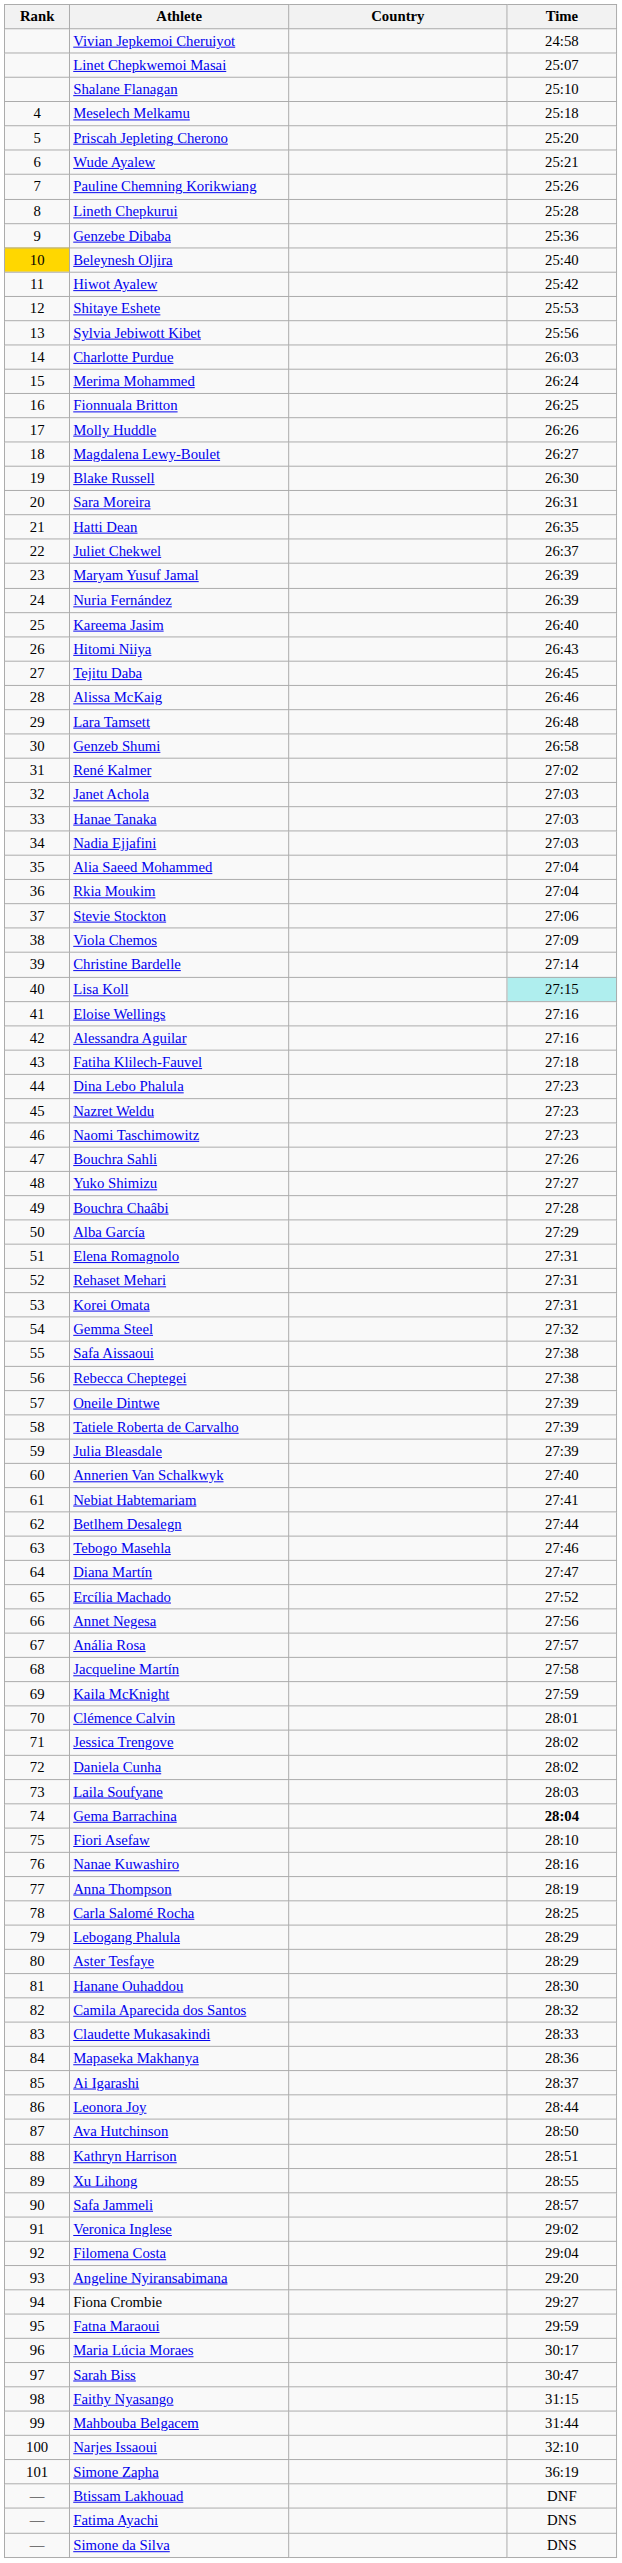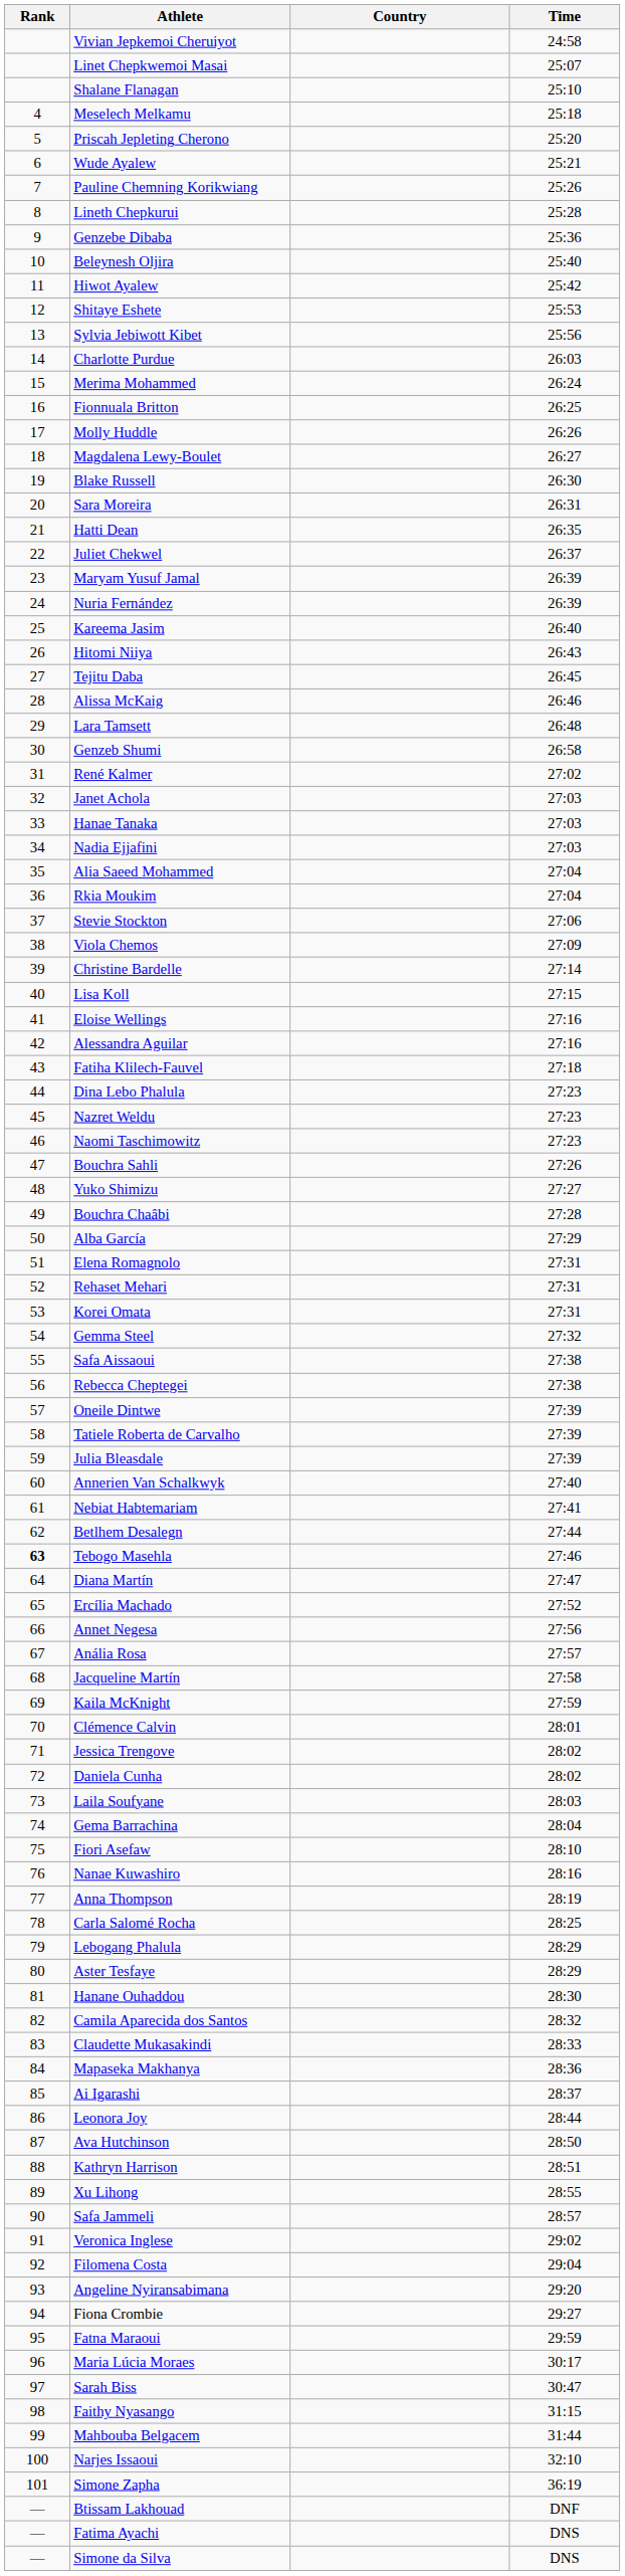 <table class="wikitable sortable" style=" text-align:center; font-size:95%;" width="50%">
 <tr>
 <th width=5%>Rank</th>
 <th width=20%>Athlete</th>
 <th width=20%>Country</th>
 <th width=10%>Time</th>
 </tr>
 <tr>
 <td align=center></td>
 <td align=left><a href='#'>Vivian Jepkemoi Cheruiyot</a></td>
 <td align=left></td>
 <td>24:58</td>
 </tr>
 <tr>
 <td align=center></td>
 <td align=left><a href='#'>Linet Chepkwemoi Masai</a></td>
 <td align=left></td>
 <td>25:07</td>
 </tr>
 <tr>
 <td align=center></td>
 <td align=left><a href='#'>Shalane Flanagan</a></td>
 <td align=left></td>
 <td>25:10</td>
 </tr>
 <tr>
 <td align=center>4</td>
 <td align=left><a href='#'>Meselech Melkamu</a></td>
 <td align=left></td>
 <td>25:18</td>
 </tr>
 <tr>
 <td align=center>5</td>
 <td align=left><a href='#'>Priscah Jepleting Cherono</a></td>
 <td align=left></td>
 <td>25:20</td>
 </tr>
 <tr>
 <td align=center>6</td>
 <td align=left><a href='#'>Wude Ayalew</a></td>
 <td align=left></td>
 <td>25:21</td>
 </tr>
 <tr>
 <td align=center>7</td>
 <td align=left><a href='#'>Pauline Chemning Korikwiang</a></td>
 <td align=left></td>
 <td>25:26</td>
 </tr>
 <tr>
 <td align=center>8</td>
 <td align=left><a href='#'>Lineth Chepkurui</a></td>
 <td align=left></td>
 <td>25:28</td>
 </tr>
 <tr>
 <td align=center>9</td>
 <td align=left><a href='#'>Genzebe Dibaba</a></td>
 <td align=left></td>
 <td>25:36</td>
 </tr>
 <tr>
-<td align=center style="background: gold;">10</td>
+<td align=center>10</td>
 <td align=left><a href='#'>Beleynesh Oljira</a></td>
 <td align=left></td>
 <td>25:40</td>
 </tr>
 <tr>
 <td align=center>11</td>
 <td align=left><a href='#'>Hiwot Ayalew</a></td>
 <td align=left></td>
 <td>25:42</td>
 </tr>
 <tr>
 <td align=center>12</td>
 <td align=left><a href='#'>Shitaye Eshete</a></td>
 <td align=left></td>
 <td>25:53</td>
 </tr>
 <tr>
 <td align=center>13</td>
 <td align=left><a href='#'>Sylvia Jebiwott Kibet</a></td>
 <td align=left></td>
 <td>25:56</td>
 </tr>
 <tr>
 <td align=center>14</td>
 <td align=left><a href='#'>Charlotte Purdue</a></td>
 <td align=left></td>
 <td>26:03</td>
 </tr>
 <tr>
 <td align=center>15</td>
 <td align=left><a href='#'>Merima Mohammed</a></td>
 <td align=left></td>
 <td>26:24</td>
 </tr>
 <tr>
 <td align=center>16</td>
 <td align=left><a href='#'>Fionnuala Britton</a></td>
 <td align=left></td>
 <td>26:25</td>
 </tr>
 <tr>
 <td align=center>17</td>
 <td align=left><a href='#'>Molly Huddle</a></td>
 <td align=left></td>
 <td>26:26</td>
 </tr>
 <tr>
 <td align=center>18</td>
 <td align=left><a href='#'>Magdalena Lewy-Boulet</a></td>
 <td align=left></td>
 <td>26:27</td>
 </tr>
 <tr>
 <td align=center>19</td>
 <td align=left><a href='#'>Blake Russell</a></td>
 <td align=left></td>
 <td>26:30</td>
 </tr>
 <tr>
 <td align=center>20</td>
 <td align=left><a href='#'>Sara Moreira</a></td>
 <td align=left></td>
 <td>26:31</td>
 </tr>
 <tr>
 <td align=center>21</td>
 <td align=left><a href='#'>Hatti Dean</a></td>
 <td align=left></td>
 <td>26:35</td>
 </tr>
 <tr>
 <td align=center>22</td>
 <td align=left><a href='#'>Juliet Chekwel</a></td>
 <td align=left></td>
 <td>26:37</td>
 </tr>
 <tr>
 <td align=center>23</td>
 <td align=left><a href='#'>Maryam Yusuf Jamal</a></td>
 <td align=left></td>
 <td>26:39</td>
 </tr>
 <tr>
 <td align=center>24</td>
 <td align=left><a href='#'>Nuria Fernández</a></td>
 <td align=left></td>
 <td>26:39</td>
 </tr>
 <tr>
 <td align=center>25</td>
 <td align=left><a href='#'>Kareema Jasim</a></td>
 <td align=left></td>
 <td>26:40</td>
 </tr>
 <tr>
 <td align=center>26</td>
 <td align=left><a href='#'>Hitomi Niiya</a></td>
 <td align=left></td>
 <td>26:43</td>
 </tr>
 <tr>
 <td align=center>27</td>
 <td align=left><a href='#'>Tejitu Daba</a></td>
 <td align=left></td>
 <td>26:45</td>
 </tr>
 <tr>
 <td align=center>28</td>
 <td align=left><a href='#'>Alissa McKaig</a></td>
 <td align=left></td>
 <td>26:46</td>
 </tr>
 <tr>
 <td align=center>29</td>
 <td align=left><a href='#'>Lara Tamsett</a></td>
 <td align=left></td>
 <td>26:48</td>
 </tr>
 <tr>
 <td align=center>30</td>
 <td align=left><a href='#'>Genzeb Shumi</a></td>
 <td align=left></td>
 <td>26:58</td>
 </tr>
 <tr>
 <td align=center>31</td>
 <td align=left><a href='#'>René Kalmer</a></td>
 <td align=left></td>
 <td>27:02</td>
 </tr>
 <tr>
 <td align=center>32</td>
 <td align=left><a href='#'>Janet Achola</a></td>
 <td align=left></td>
 <td>27:03</td>
 </tr>
 <tr>
 <td align=center>33</td>
 <td align=left><a href='#'>Hanae Tanaka</a></td>
 <td align=left></td>
 <td>27:03</td>
 </tr>
 <tr>
 <td align=center>34</td>
 <td align=left><a href='#'>Nadia Ejjafini</a></td>
 <td align=left></td>
 <td>27:03</td>
 </tr>
 <tr>
 <td align=center>35</td>
 <td align=left><a href='#'>Alia Saeed Mohammed</a></td>
 <td align=left></td>
 <td>27:04</td>
 </tr>
 <tr>
 <td align=center>36</td>
 <td align=left><a href='#'>Rkia Moukim</a></td>
 <td align=left></td>
 <td>27:04</td>
 </tr>
 <tr>
 <td align=center>37</td>
 <td align=left><a href='#'>Stevie Stockton</a></td>
 <td align=left></td>
 <td>27:06</td>
 </tr>
 <tr>
 <td align=center>38</td>
 <td align=left><a href='#'>Viola Chemos</a></td>
 <td align=left></td>
 <td>27:09</td>
 </tr>
 <tr>
 <td align=center>39</td>
 <td align=left><a href='#'>Christine Bardelle</a></td>
 <td align=left></td>
 <td>27:14</td>
 </tr>
 <tr>
 <td align=center>40</td>
 <td align=left><a href='#'>Lisa Koll</a></td>
 <td align=left></td>
-<td style="background: paleturquoise;">27:15</td>
+<td>27:15</td>
 </tr>
 <tr>
 <td align=center>41</td>
 <td align=left><a href='#'>Eloise Wellings</a></td>
 <td align=left></td>
 <td>27:16</td>
 </tr>
 <tr>
 <td align=center>42</td>
 <td align=left><a href='#'>Alessandra Aguilar</a></td>
 <td align=left></td>
 <td>27:16</td>
 </tr>
 <tr>
 <td align=center>43</td>
 <td align=left><a href='#'>Fatiha Klilech-Fauvel</a></td>
 <td align=left></td>
 <td>27:18</td>
 </tr>
 <tr>
 <td align=center>44</td>
 <td align=left><a href='#'>Dina Lebo Phalula</a></td>
 <td align=left></td>
 <td>27:23</td>
 </tr>
 <tr>
 <td align=center>45</td>
 <td align=left><a href='#'>Nazret Weldu</a></td>
 <td align=left></td>
 <td>27:23</td>
 </tr>
 <tr>
 <td align=center>46</td>
 <td align=left><a href='#'>Naomi Taschimowitz</a></td>
 <td align=left></td>
 <td>27:23</td>
 </tr>
 <tr>
 <td align=center>47</td>
 <td align=left><a href='#'>Bouchra Sahli</a></td>
 <td align=left></td>
 <td>27:26</td>
 </tr>
 <tr>
 <td align=center>48</td>
 <td align=left><a href='#'>Yuko Shimizu</a></td>
 <td align=left></td>
 <td>27:27</td>
 </tr>
 <tr>
 <td align=center>49</td>
 <td align=left><a href='#'>Bouchra Chaâbi</a></td>
 <td align=left></td>
 <td>27:28</td>
 </tr>
 <tr>
 <td align=center>50</td>
 <td align=left><a href='#'>Alba García</a></td>
 <td align=left></td>
 <td>27:29</td>
 </tr>
 <tr>
 <td align=center>51</td>
 <td align=left><a href='#'>Elena Romagnolo</a></td>
 <td align=left></td>
 <td>27:31</td>
 </tr>
 <tr>
 <td align=center>52</td>
 <td align=left><a href='#'>Rehaset Mehari</a></td>
 <td align=left></td>
 <td>27:31</td>
 </tr>
 <tr>
 <td align=center>53</td>
 <td align=left><a href='#'>Korei Omata</a></td>
 <td align=left></td>
 <td>27:31</td>
 </tr>
 <tr>
 <td align=center>54</td>
 <td align=left><a href='#'>Gemma Steel</a></td>
 <td align=left></td>
 <td>27:32</td>
 </tr>
 <tr>
 <td align=center>55</td>
 <td align=left><a href='#'>Safa Aissaoui</a></td>
 <td align=left></td>
 <td>27:38</td>
 </tr>
 <tr>
 <td align=center>56</td>
 <td align=left><a href='#'>Rebecca Cheptegei</a></td>
 <td align=left></td>
 <td>27:38</td>
 </tr>
 <tr>
 <td align=center>57</td>
 <td align=left><a href='#'>Oneile Dintwe</a></td>
 <td align=left></td>
 <td>27:39</td>
 </tr>
 <tr>
 <td align=center>58</td>
 <td align=left><a href='#'>Tatiele Roberta de Carvalho</a></td>
 <td align=left></td>
 <td>27:39</td>
 </tr>
 <tr>
 <td align=center>59</td>
 <td align=left><a href='#'>Julia Bleasdale</a></td>
 <td align=left></td>
 <td>27:39</td>
 </tr>
 <tr>
 <td align=center>60</td>
 <td align=left><a href='#'>Annerien Van Schalkwyk</a></td>
 <td align=left></td>
 <td>27:40</td>
 </tr>
 <tr>
 <td align=center>61</td>
 <td align=left><a href='#'>Nebiat Habtemariam</a></td>
 <td align=left></td>
 <td>27:41</td>
 </tr>
 <tr>
 <td align=center>62</td>
 <td align=left><a href='#'>Betlhem Desalegn</a></td>
 <td align=left></td>
 <td>27:44</td>
 </tr>
 <tr>
-<td align=center>63</td>
+<td align=center><strong>63</strong></td>
 <td align=left><a href='#'>Tebogo Masehla</a></td>
 <td align=left></td>
 <td>27:46</td>
 </tr>
 <tr>
 <td align=center>64</td>
 <td align=left><a href='#'>Diana Martín</a></td>
 <td align=left></td>
 <td>27:47</td>
 </tr>
 <tr>
 <td align=center>65</td>
 <td align=left><a href='#'>Ercília Machado</a></td>
 <td align=left></td>
 <td>27:52</td>
 </tr>
 <tr>
 <td align=center>66</td>
 <td align=left><a href='#'>Annet Negesa</a></td>
 <td align=left></td>
 <td>27:56</td>
 </tr>
 <tr>
 <td align=center>67</td>
 <td align=left><a href='#'>Anália Rosa</a></td>
 <td align=left></td>
 <td>27:57</td>
 </tr>
 <tr>
 <td align=center>68</td>
 <td align=left><a href='#'>Jacqueline Martín</a></td>
 <td align=left></td>
 <td>27:58</td>
 </tr>
 <tr>
 <td align=center>69</td>
 <td align=left><a href='#'>Kaila McKnight</a></td>
 <td align=left></td>
 <td>27:59</td>
 </tr>
 <tr>
 <td align=center>70</td>
 <td align=left><a href='#'>Clémence Calvin</a></td>
 <td align=left></td>
 <td>28:01</td>
 </tr>
 <tr>
 <td align=center>71</td>
 <td align=left><a href='#'>Jessica Trengove</a></td>
 <td align=left></td>
 <td>28:02</td>
 </tr>
 <tr>
 <td align=center>72</td>
 <td align=left><a href='#'>Daniela Cunha</a></td>
 <td align=left></td>
 <td>28:02</td>
 </tr>
 <tr>
 <td align=center>73</td>
 <td align=left><a href='#'>Laila Soufyane</a></td>
 <td align=left></td>
 <td>28:03</td>
 </tr>
 <tr>
 <td align=center>74</td>
 <td align=left><a href='#'>Gema Barrachina</a></td>
 <td align=left></td>
-<td><strong>28:04</strong></td>
+<td>28:04</td>
 </tr>
 <tr>
 <td align=center>75</td>
 <td align=left><a href='#'>Fiori Asefaw</a></td>
 <td align=left></td>
 <td>28:10</td>
 </tr>
 <tr>
 <td align=center>76</td>
 <td align=left><a href='#'>Nanae Kuwashiro</a></td>
 <td align=left></td>
 <td>28:16</td>
 </tr>
 <tr>
 <td align=center>77</td>
 <td align=left><a href='#'>Anna Thompson</a></td>
 <td align=left></td>
 <td>28:19</td>
 </tr>
 <tr>
 <td align=center>78</td>
 <td align=left><a href='#'>Carla Salomé Rocha</a></td>
 <td align=left></td>
 <td>28:25</td>
 </tr>
 <tr>
 <td align=center>79</td>
 <td align=left><a href='#'>Lebogang Phalula</a></td>
 <td align=left></td>
 <td>28:29</td>
 </tr>
 <tr>
 <td align=center>80</td>
 <td align=left><a href='#'>Aster Tesfaye</a></td>
 <td align=left></td>
 <td>28:29</td>
 </tr>
 <tr>
 <td align=center>81</td>
 <td align=left><a href='#'>Hanane Ouhaddou</a></td>
 <td align=left></td>
 <td>28:30</td>
 </tr>
 <tr>
 <td align=center>82</td>
 <td align=left><a href='#'>Camila Aparecida dos Santos</a></td>
 <td align=left></td>
 <td>28:32</td>
 </tr>
 <tr>
 <td align=center>83</td>
 <td align=left><a href='#'>Claudette Mukasakindi</a></td>
 <td align=left></td>
 <td>28:33</td>
 </tr>
 <tr>
 <td align=center>84</td>
 <td align=left><a href='#'>Mapaseka Makhanya</a></td>
 <td align=left></td>
 <td>28:36</td>
 </tr>
 <tr>
 <td align=center>85</td>
 <td align=left><a href='#'>Ai Igarashi</a></td>
 <td align=left></td>
 <td>28:37</td>
 </tr>
 <tr>
 <td align=center>86</td>
 <td align=left><a href='#'>Leonora Joy</a></td>
 <td align=left></td>
 <td>28:44</td>
 </tr>
 <tr>
 <td align=center>87</td>
 <td align=left><a href='#'>Ava Hutchinson</a></td>
 <td align=left></td>
 <td>28:50</td>
 </tr>
 <tr>
 <td align=center>88</td>
 <td align=left><a href='#'>Kathryn Harrison</a></td>
 <td align=left></td>
 <td>28:51</td>
 </tr>
 <tr>
 <td align=center>89</td>
 <td align=left><a href='#'>Xu Lihong</a></td>
 <td align=left></td>
 <td>28:55</td>
 </tr>
 <tr>
 <td align=center>90</td>
 <td align=left><a href='#'>Safa Jammeli</a></td>
 <td align=left></td>
 <td>28:57</td>
 </tr>
 <tr>
 <td align=center>91</td>
 <td align=left><a href='#'>Veronica Inglese</a></td>
 <td align=left></td>
 <td>29:02</td>
 </tr>
 <tr>
 <td align=center>92</td>
 <td align=left><a href='#'>Filomena Costa</a></td>
 <td align=left></td>
 <td>29:04</td>
 </tr>
 <tr>
 <td align=center>93</td>
 <td align=left><a href='#'>Angeline Nyiransabimana</a></td>
 <td align=left></td>
 <td>29:20</td>
 </tr>
 <tr>
 <td align=center>94</td>
 <td align=left>Fiona Crombie</td>
 <td align=left></td>
 <td>29:27</td>
 </tr>
 <tr>
 <td align=center>95</td>
 <td align=left><a href='#'>Fatna Maraoui</a></td>
 <td align=left></td>
 <td>29:59</td>
 </tr>
 <tr>
 <td align=center>96</td>
 <td align=left><a href='#'>Maria Lúcia Moraes</a></td>
 <td align=left></td>
 <td>30:17</td>
 </tr>
 <tr>
 <td align=center>97</td>
 <td align=left><a href='#'>Sarah Biss</a></td>
 <td align=left></td>
 <td>30:47</td>
 </tr>
 <tr>
 <td align=center>98</td>
 <td align=left><a href='#'>Faithy Nyasango</a></td>
 <td align=left></td>
 <td>31:15</td>
 </tr>
 <tr>
 <td align=center>99</td>
 <td align=left><a href='#'>Mahbouba Belgacem</a></td>
 <td align=left></td>
 <td>31:44</td>
 </tr>
 <tr>
 <td align=center>100</td>
 <td align=left><a href='#'>Narjes Issaoui</a></td>
 <td align=left></td>
 <td>32:10</td>
 </tr>
 <tr>
 <td align=center>101</td>
 <td align=left><a href='#'>Simone Zapha</a></td>
 <td align=left></td>
 <td>36:19</td>
 </tr>
 <tr>
 <td align=center>—</td>
 <td align=left><a href='#'>Btissam Lakhouad</a></td>
 <td align=left></td>
 <td>DNF</td>
 </tr>
 <tr>
 <td align=center>—</td>
 <td align=left><a href='#'>Fatima Ayachi</a></td>
 <td align=left></td>
 <td>DNS</td>
 </tr>
 <tr>
 <td align=center>—</td>
 <td align=left><a href='#'>Simone da Silva</a></td>
 <td align=left></td>
 <td>DNS</td>
 </tr>
 </table>
